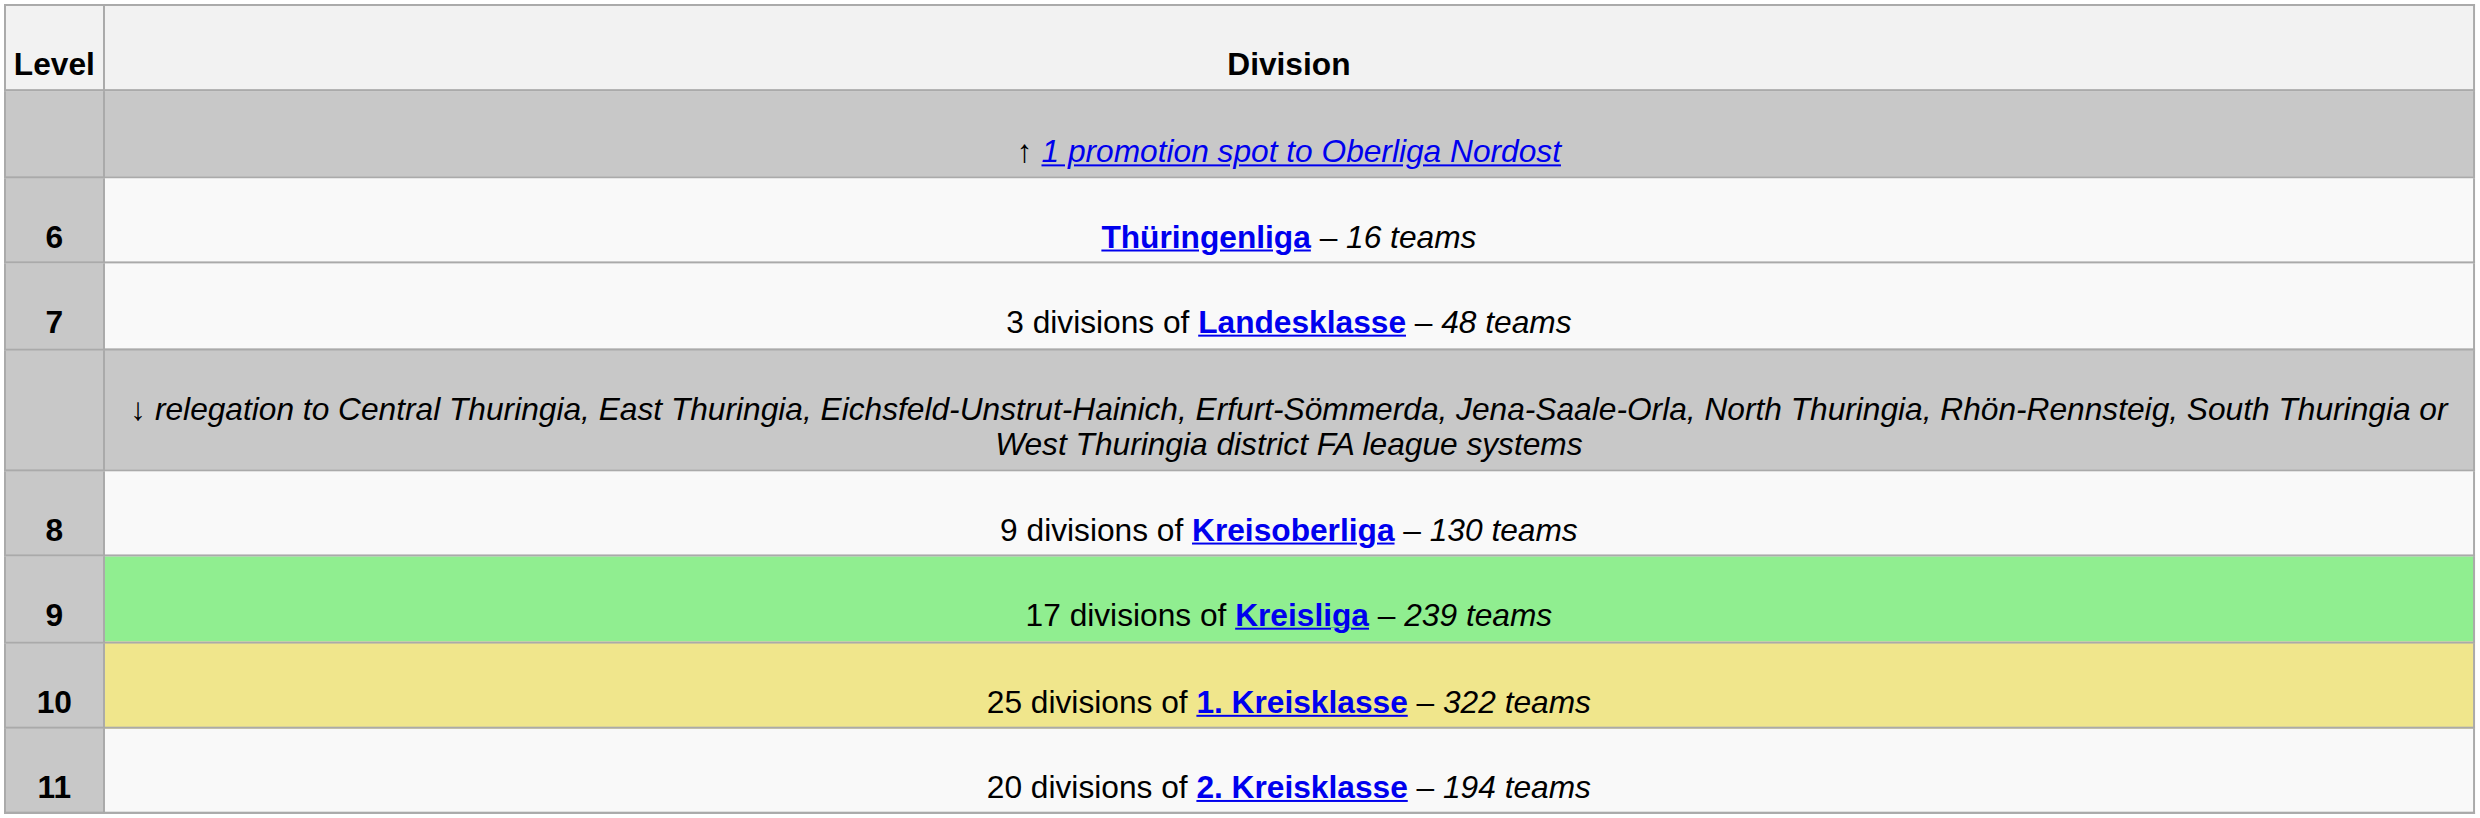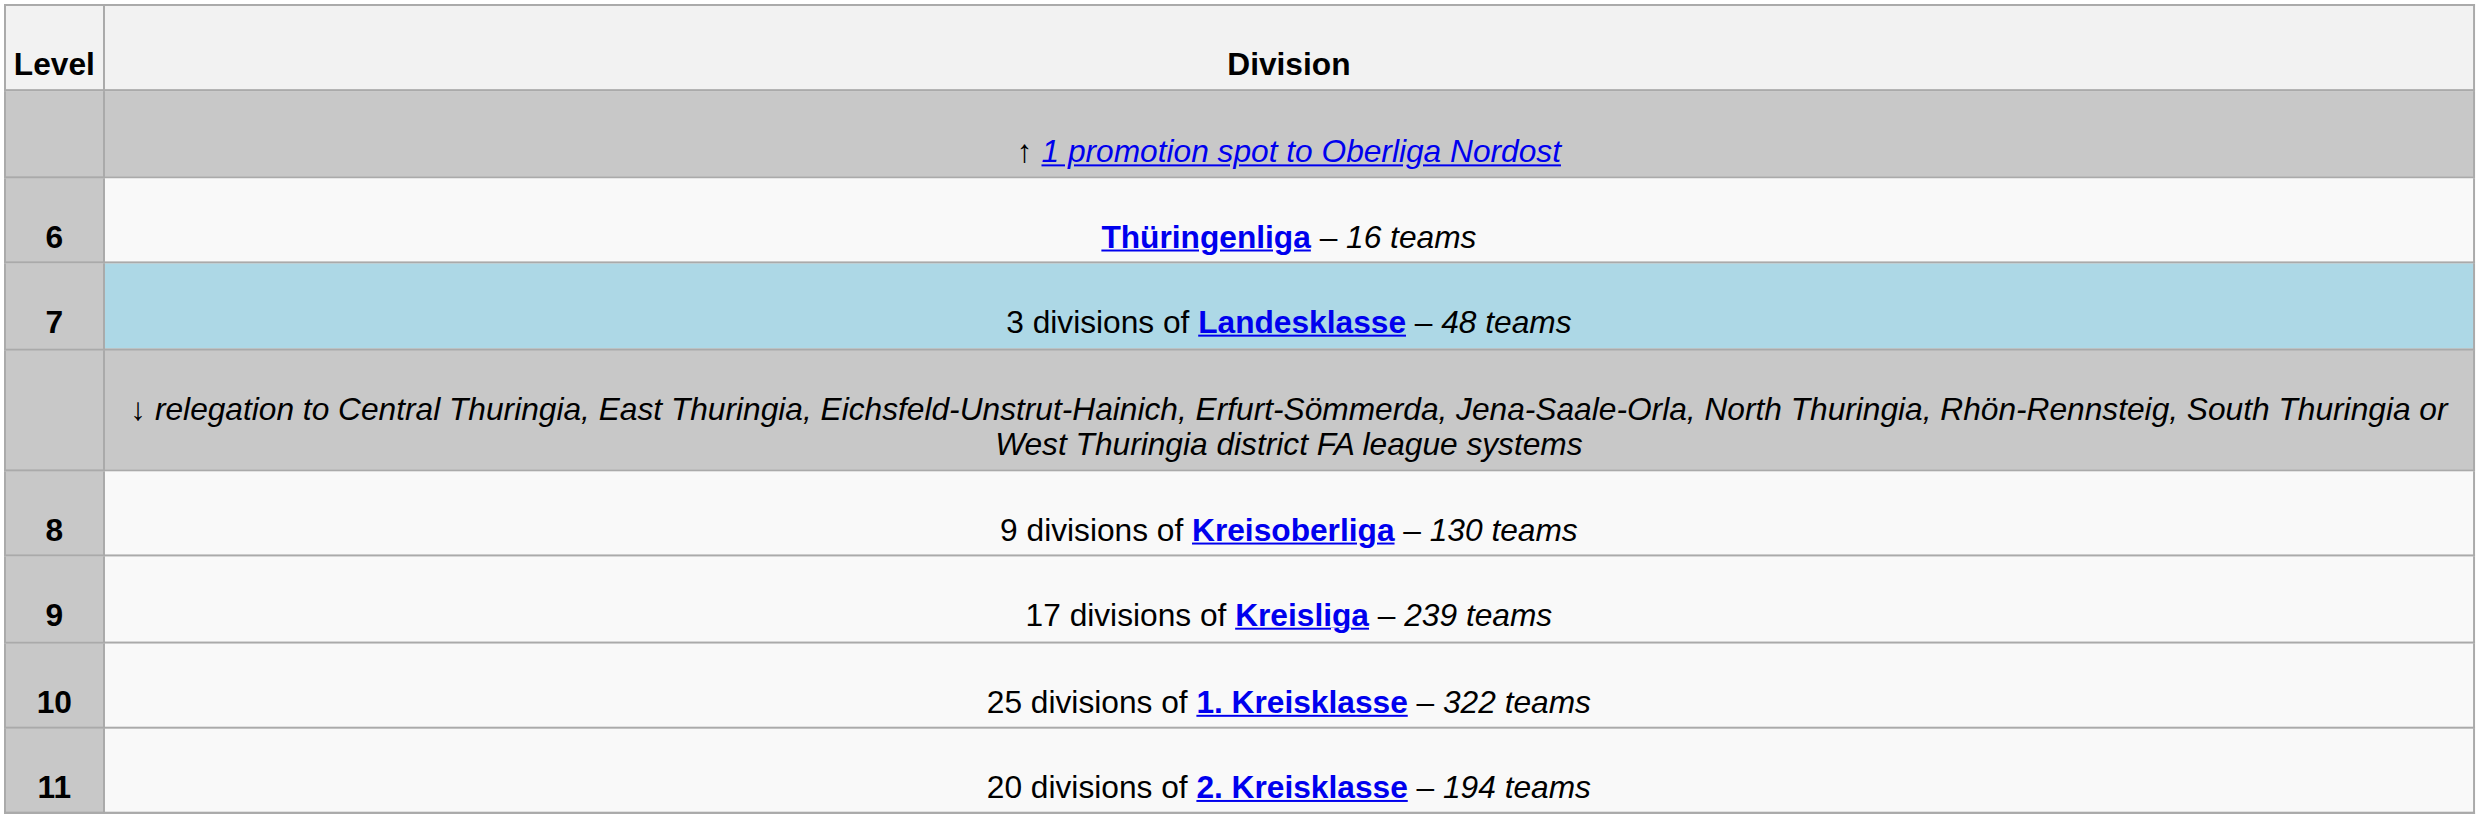 <table class="wikitable" style="text-align:center">
 <tr>
 <th colspan="1" width="4%"><br>Level</th>
 <th colspan="1"><br>Division</th>
 </tr>
 <tr style="background:#c8c8c8">
 <td colspan="1"></td>
 <td colspan="1"><br><em>↑ <a href='#'>1 promotion spot to Oberliga Nordost</a></em></td>
 </tr>
 <tr>
 <td colspan="1" style="background:#c8c8c8"><br><strong>6</strong></td>
 <td colspan="1"><br><strong><a href='#'>Thüringenliga</a></strong> – <em>16 teams</em></td>
 </tr>
 <tr>
 <td colspan="1" style="background:#c8c8c8"><br><strong>7</strong></td>
-<td colspan="1"><br>3 divisions of <strong><a href='#'>Landesklasse</a></strong> – <em>48 teams</em></td>
+<td colspan="1" style="background: lightblue;"><br>3 divisions of <strong><a href='#'>Landesklasse</a></strong> – <em>48 teams</em></td>
 </tr>
 <tr style="background:#c8c8c8">
 <td colspan="1"></td>
 <td colspan="1"><br><em>↓ relegation to Central Thuringia, East Thuringia, Eichsfeld-Unstrut-Hainich, Erfurt-Sömmerda, Jena-Saale-Orla, North Thuringia, Rhön-Rennsteig, South Thuringia or West Thuringia district FA league systems</em></td>
 </tr>
 <tr>
 <td colspan="1" style="background:#c8c8c8"><br><strong>8</strong></td>
 <td colspan="1"><br>9 divisions of <strong><a href='#'>Kreisoberliga</a></strong> – <em>130 teams</em></td>
 </tr>
 <tr>
 <td colspan="1" style="background:#c8c8c8"><br><strong>9</strong></td>
-<td colspan="1" style="background: lightgreen;"><br>17 divisions of <strong><a href='#'>Kreisliga</a></strong> – <em>239 teams</em></td>
+<td colspan="1"><br>17 divisions of <strong><a href='#'>Kreisliga</a></strong> – <em>239 teams</em></td>
 </tr>
 <tr>
 <td colspan="1" style="background:#c8c8c8"><br><strong>10</strong></td>
-<td colspan="1" style="background: khaki;"><br>25 divisions of <strong><a href='#'>1. Kreisklasse</a></strong> – <em>322 teams</em></td>
+<td colspan="1"><br>25 divisions of <strong><a href='#'>1. Kreisklasse</a></strong> – <em>322 teams</em></td>
 </tr>
 <tr>
 <td colspan="1" style="background:#c8c8c8"><br><strong>11</strong></td>
 <td colspan="1"><br>20 divisions of <strong><a href='#'>2. Kreisklasse</a></strong> – <em>194 teams</em></td>
 </tr>
 <tr>
 </tr>
 </table>
